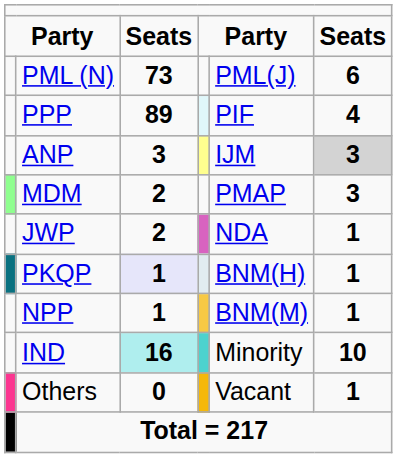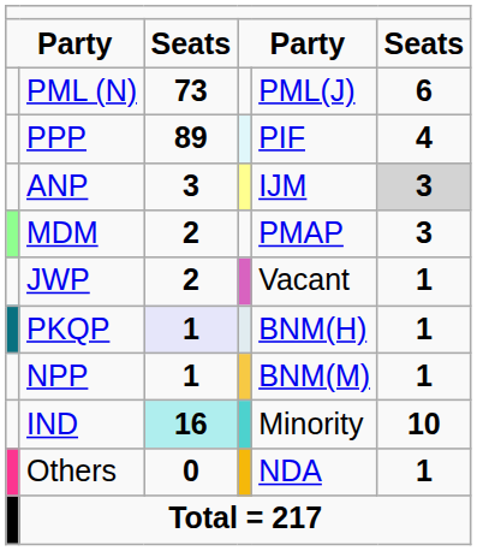 <table class ="wikitable floatright">
 <tr>
 <td colspan="6"></td>
 </tr>
 <tr>
 <td colspan=2 style="text-align: center"><strong>Party</strong></td>
 <td style="text-align: center"><strong>Seats</strong></td>
 <td colspan=2 style="text-align: center"><strong>Party</strong></td>
 <td style="text-align: center"><strong>Seats</strong></td>
 </tr>
 <tr>
 <td style="background-color: "></td>
 <td><a href='#'>PML (N)</a></td>
 <td style="text-align: center"><strong>73</strong></td>
 <td style="background-color: "></td>
 <td><a href='#'>PML(J)</a></td>
 <td style="text-align: center"><strong>6</strong></td>
 </tr>
 <tr>
 <td style="background-color: "></td>
 <td><a href='#'>PPP</a></td>
 <td style="text-align: center"><strong>89</strong></td>
 <td bgcolor="#E0F7FA"></td>
 <td><a href='#'>PIF</a></td>
 <td style="text-align: center"><strong>4</strong></td>
 </tr>
 <tr>
 <td style="background-color: "></td>
 <td><a href='#'>ANP</a></td>
 <td style="text-align: center"><strong>3</strong></td>
 <td bgcolor="#ffff8f"></td>
 <td><a href='#'>IJM</a></td>
 <td style="background: lightgrey; text-align: center"><strong>3</strong></td>
 </tr>
 <tr>
 <td bgcolor="#8fff8f"></td>
 <td><a href='#'>MDM</a></td>
 <td style="text-align: center"><strong>2</strong></td>
 <td style="background-color: "></td>
 <td><a href='#'>PMAP</a></td>
 <td style="text-align: center"><strong>3</strong></td>
 </tr>
 <tr>
 <td style="background-color: "></td>
 <td><a href='#'>JWP</a></td>
 <td style="text-align: center"><strong>2</strong></td>
 <td bgcolor="#d863c0"></td>
-<td><a href='#'>NDA</a></td>
+<td>Vacant</td>
 <td style="text-align: center"><strong>1</strong></td>
 </tr>
 <tr>
 <td bgcolor="##9a71e8"></td>
 <td><a href='#'>PKQP</a></td>
 <td style="background: lavender; text-align: center"><strong>1</strong></td>
 <td bgcolor="#e1ecf0"></td>
 <td><a href='#'>BNM(H)</a></td>
 <td style="text-align: center"><strong>1</strong></td>
 </tr>
 <tr>
 <td style="background-color: "></td>
 <td><a href='#'>NPP</a></td>
 <td style="text-align: center"><strong>1</strong></td>
 <td bgcolor="#f7c944"></td>
 <td><a href='#'>BNM(M)</a></td>
 <td style="text-align: center"><strong>1</strong></td>
 </tr>
 <tr>
 <td style="background-color: "></td>
 <td><a href='#'>IND</a></td>
 <td style="background: paleturquoise; text-align: center"><strong>16</strong></td>
 <td bgcolor="#4dd2ce"></td>
 <td>Minority</td>
 <td style="text-align: center"><strong>10</strong></td>
 </tr>
 <tr>
 <td bgcolor="#fc3590"></td>
 <td>Others</td>
 <td style="text-align: center"><strong>0</strong></td>
 <td bgcolor="#f5b80a"></td>
-<td>Vacant</td>
+<td><a href='#'>NDA</a></td>
 <td style="text-align: center"><strong>1</strong></td>
 </tr>
 <tr>
 <td bgcolor="#000000"></td>
 <td colspan="6" style="text-align: center"><strong>Total = 217</strong></td>
 </tr>
 </table>
